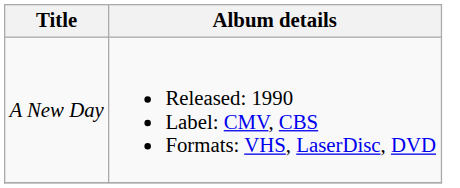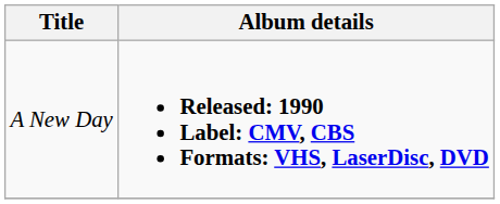 <table class="wikitable">
 <tr>
 <th rowspan="1">Title</th>
 <th rowspan="1">Album details</th>
 </tr>
 <tr>
 <td><em>A New Day</em></td>
-<td><br><ul><li>Released: 1990</li><li>Label: <a href='#'>CMV</a>, <a href='#'>CBS</a></li><li>Formats: <a href='#'>VHS</a>, <a href='#'>LaserDisc</a>, <a href='#'>DVD</a></li></ul></td>
+<td><strong><br><ul><li>Released: 1990</li><li>Label: <a href='#'>CMV</a>, <a href='#'>CBS</a></li><li>Formats: <a href='#'>VHS</a>, <a href='#'>LaserDisc</a>, <a href='#'>DVD</a></li></ul></strong></td>
 </tr>
 <tr>
 </tr>
 </table>
